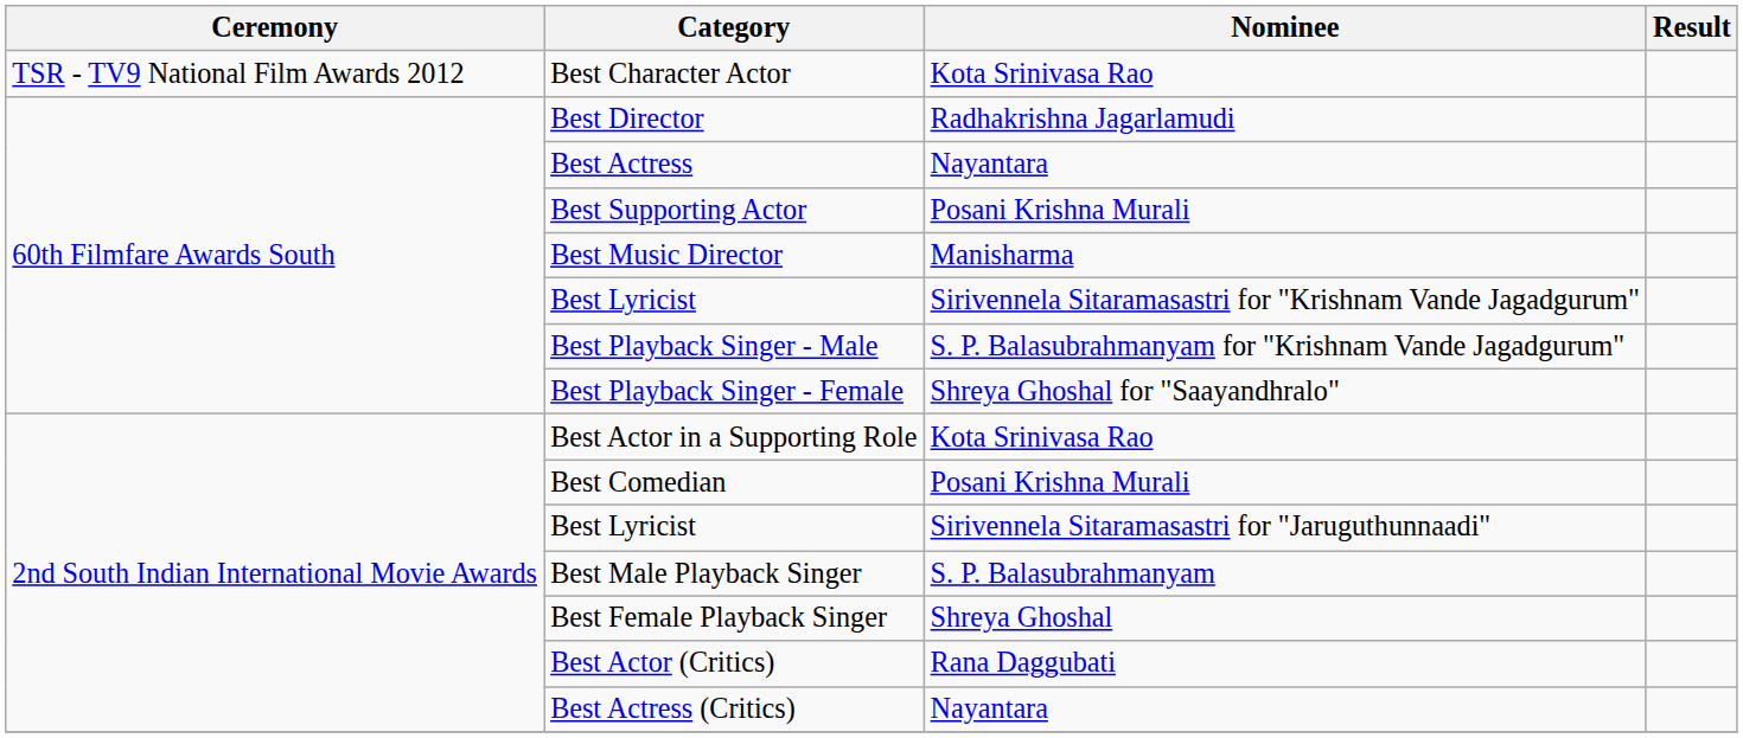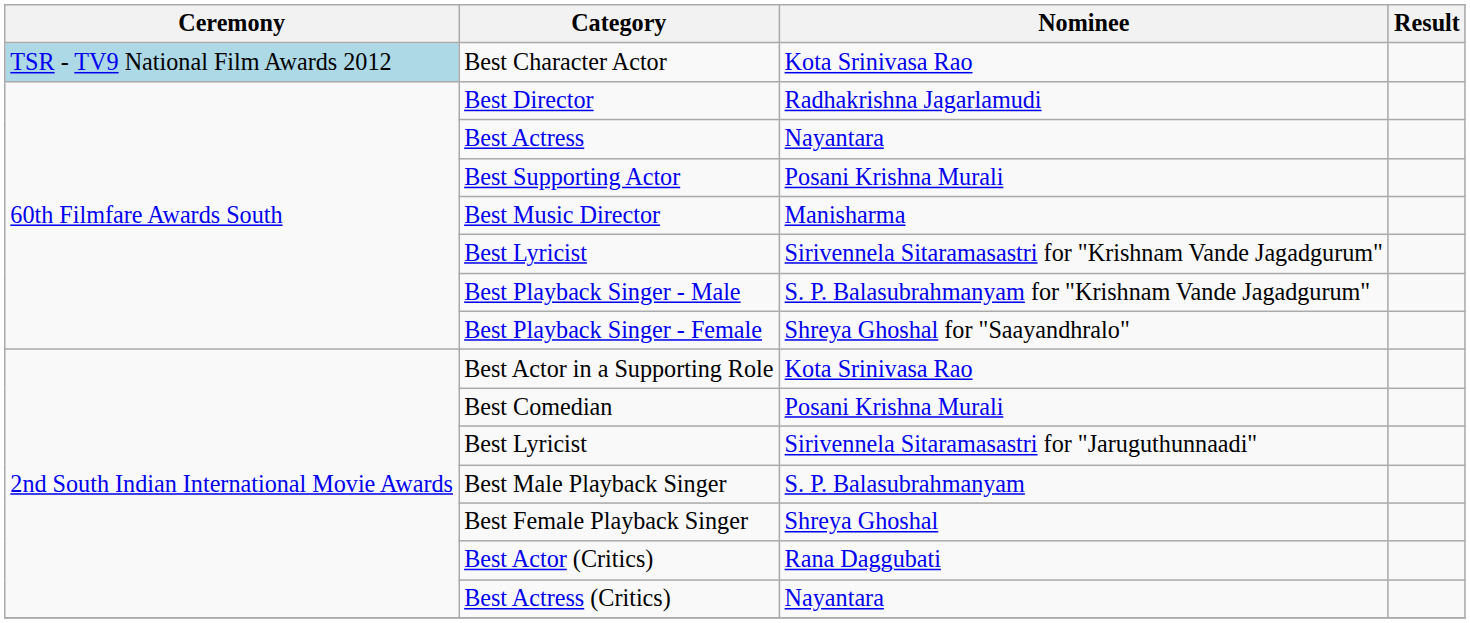 <table class="wikitable">
 <tr>
 <th>Ceremony</th>
 <th>Category</th>
 <th>Nominee</th>
 <th>Result</th>
 </tr>
 <tr>
-<td rowspan="1"><a href='#'>TSR</a> - <a href='#'>TV9</a> National Film Awards 2012</td>
+<td rowspan="1" style="background: lightblue;"><a href='#'>TSR</a> - <a href='#'>TV9</a> National Film Awards 2012</td>
 <td>Best Character Actor</td>
 <td><a href='#'>Kota Srinivasa Rao</a></td>
 <td></td>
 </tr>
 <tr>
 <td rowspan="7"><a href='#'>60th Filmfare Awards South</a></td>
 <td><a href='#'>Best Director</a></td>
 <td><a href='#'>Radhakrishna Jagarlamudi</a></td>
 <td></td>
 </tr>
 <tr>
 <td><a href='#'>Best Actress</a></td>
 <td><a href='#'>Nayantara</a></td>
 <td></td>
 </tr>
 <tr>
 <td><a href='#'>Best Supporting Actor</a></td>
 <td><a href='#'>Posani Krishna Murali</a></td>
 <td></td>
 </tr>
 <tr>
 <td><a href='#'>Best Music Director</a></td>
 <td><a href='#'>Manisharma</a></td>
 <td></td>
 </tr>
 <tr>
 <td><a href='#'>Best Lyricist</a></td>
 <td><a href='#'>Sirivennela Sitaramasastri</a> for "Krishnam Vande Jagadgurum"</td>
 <td></td>
 </tr>
 <tr>
 <td><a href='#'>Best Playback Singer - Male</a></td>
 <td><a href='#'>S. P. Balasubrahmanyam</a> for "Krishnam Vande Jagadgurum"</td>
 <td></td>
 </tr>
 <tr>
 <td><a href='#'>Best Playback Singer - Female</a></td>
 <td><a href='#'>Shreya Ghoshal</a> for "Saayandhralo"</td>
 <td></td>
 </tr>
 <tr>
 <td rowspan="7"><a href='#'>2nd South Indian International Movie Awards</a></td>
 <td>Best Actor in a Supporting Role</td>
 <td><a href='#'>Kota Srinivasa Rao</a></td>
 <td></td>
 </tr>
 <tr>
 <td>Best Comedian</td>
 <td><a href='#'>Posani Krishna Murali</a></td>
 <td></td>
 </tr>
 <tr>
 <td>Best Lyricist</td>
 <td><a href='#'>Sirivennela Sitaramasastri</a> for "Jaruguthunnaadi"</td>
 <td></td>
 </tr>
 <tr>
 <td>Best Male Playback Singer</td>
 <td><a href='#'>S. P. Balasubrahmanyam</a></td>
 <td></td>
 </tr>
 <tr>
 <td>Best Female Playback Singer</td>
 <td><a href='#'>Shreya Ghoshal</a></td>
 <td></td>
 </tr>
 <tr>
 <td><a href='#'>Best Actor</a> (Critics)</td>
 <td><a href='#'>Rana Daggubati</a></td>
 <td></td>
 </tr>
 <tr>
 <td><a href='#'>Best Actress</a> (Critics)</td>
 <td><a href='#'>Nayantara</a></td>
 <td></td>
 </tr>
 <tr>
 </tr>
 </table>
